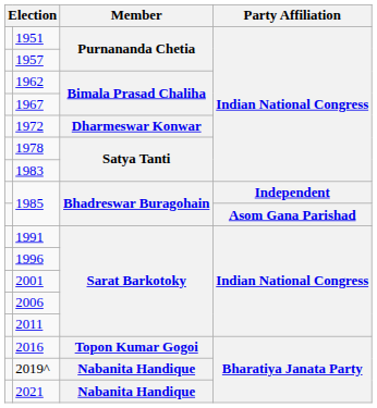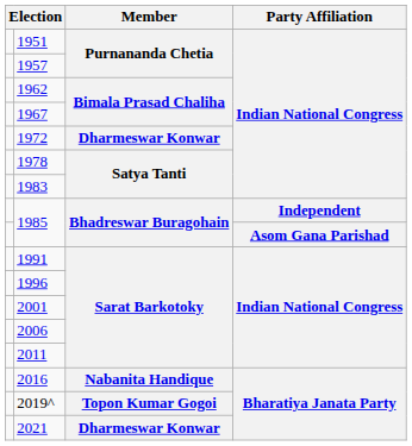 <table class="wikitable sortable">
 <tr>
 <th colspan="2">Election</th>
 <th>Member</th>
 <th>Party Affiliation</th>
 </tr>
 <tr>
 <td style="background-color: "></td>
 <td><a href='#'>1951</a></td>
 <th rowspan="2">Purnananda Chetia</th>
 <th rowspan="7"><a href='#'>Indian National Congress</a></th>
 </tr>
 <tr>
 <td style="background-color: "></td>
 <td><a href='#'>1957</a></td>
 </tr>
 <tr>
 <td style="background-color: "></td>
 <td><a href='#'>1962</a></td>
 <th rowspan="2"><a href='#'>Bimala Prasad Chaliha</a></th>
 </tr>
 <tr>
 <td style="background-color: "></td>
 <td><a href='#'>1967</a></td>
 </tr>
 <tr>
 <td style="background-color: "></td>
 <td><a href='#'>1972</a></td>
 <th><a href='#'>Dharmeswar Konwar</a></th>
 </tr>
 <tr>
 <td style="background-color: "></td>
 <td><a href='#'>1978</a></td>
 <th rowspan="2">Satya Tanti</th>
 </tr>
 <tr>
 <td style="background-color: "></td>
 <td><a href='#'>1983</a></td>
 </tr>
 <tr>
 <td style="background-color: "></td>
 <td rowspan="2"><a href='#'>1985</a></td>
 <th rowspan="2"><a href='#'>Bhadreswar Buragohain</a></th>
 <th><a href='#'>Independent</a></th>
 </tr>
 <tr>
 <td style="background-color: "></td>
 <th><a href='#'>Asom Gana Parishad</a></th>
 </tr>
 <tr>
 <td style="background-color: "></td>
 <td><a href='#'>1991</a></td>
 <th rowspan="5"><a href='#'>Sarat Barkotoky</a></th>
 <th rowspan="5"><a href='#'>Indian National Congress</a></th>
 </tr>
 <tr>
 <td style="background-color: "></td>
 <td><a href='#'>1996</a></td>
 </tr>
 <tr>
 <td style="background-color: "></td>
 <td><a href='#'>2001</a></td>
 </tr>
 <tr>
 <td style="background-color: "></td>
 <td><a href='#'>2006</a></td>
 </tr>
 <tr>
 <td style="background-color: "></td>
 <td><a href='#'>2011</a></td>
 </tr>
 <tr>
 <td style="background-color: "></td>
 <td><a href='#'>2016</a></td>
-<th><a href='#'>Topon Kumar Gogoi</a></th>
+<th><a href='#'>Nabanita Handique</a></th>
 <th rowspan="3"><a href='#'>Bharatiya Janata Party</a></th>
 </tr>
 <tr>
 <td style="background-color: "></td>
 <td>2019^</td>
-<th><a href='#'>Nabanita Handique</a></th>
+<th><a href='#'>Topon Kumar Gogoi</a></th>
 </tr>
 <tr>
 <td style="background-color: "></td>
 <td><a href='#'>2021</a></td>
-<th><a href='#'>Nabanita Handique</a></th>
+<th><a href='#'>Dharmeswar Konwar</a></th>
 </tr>
 </table>
